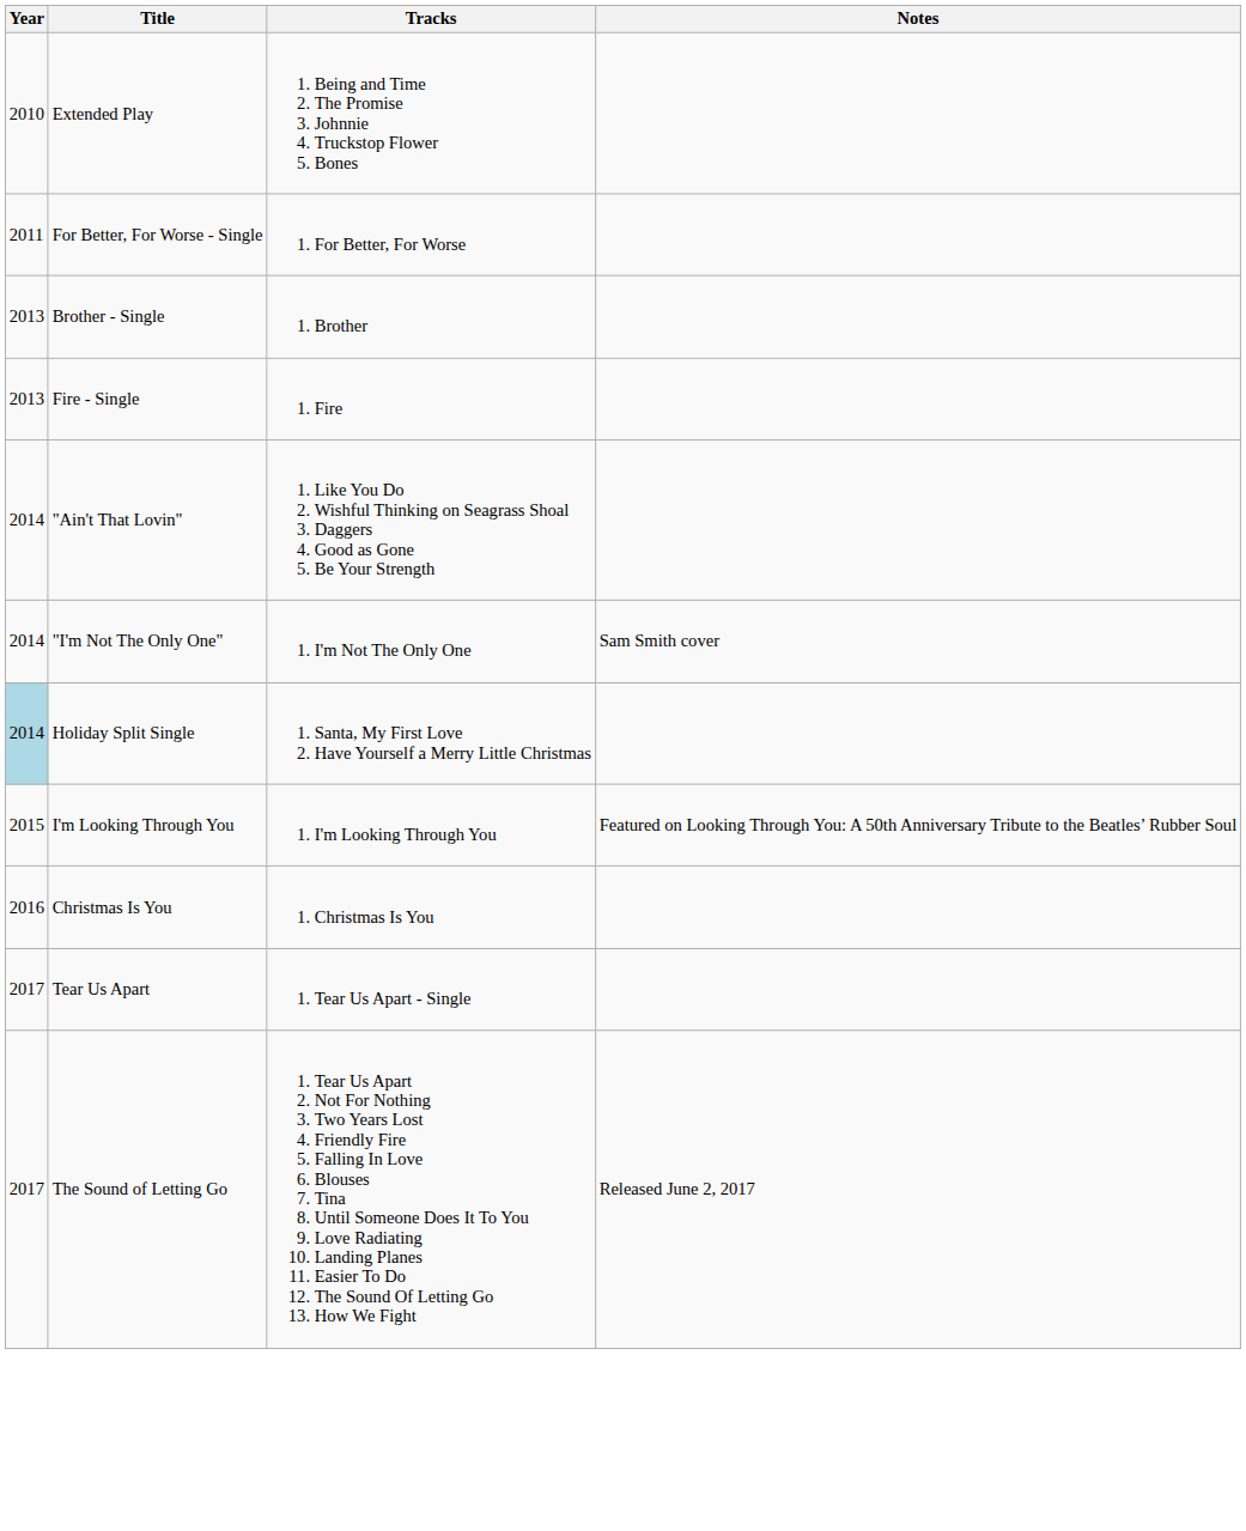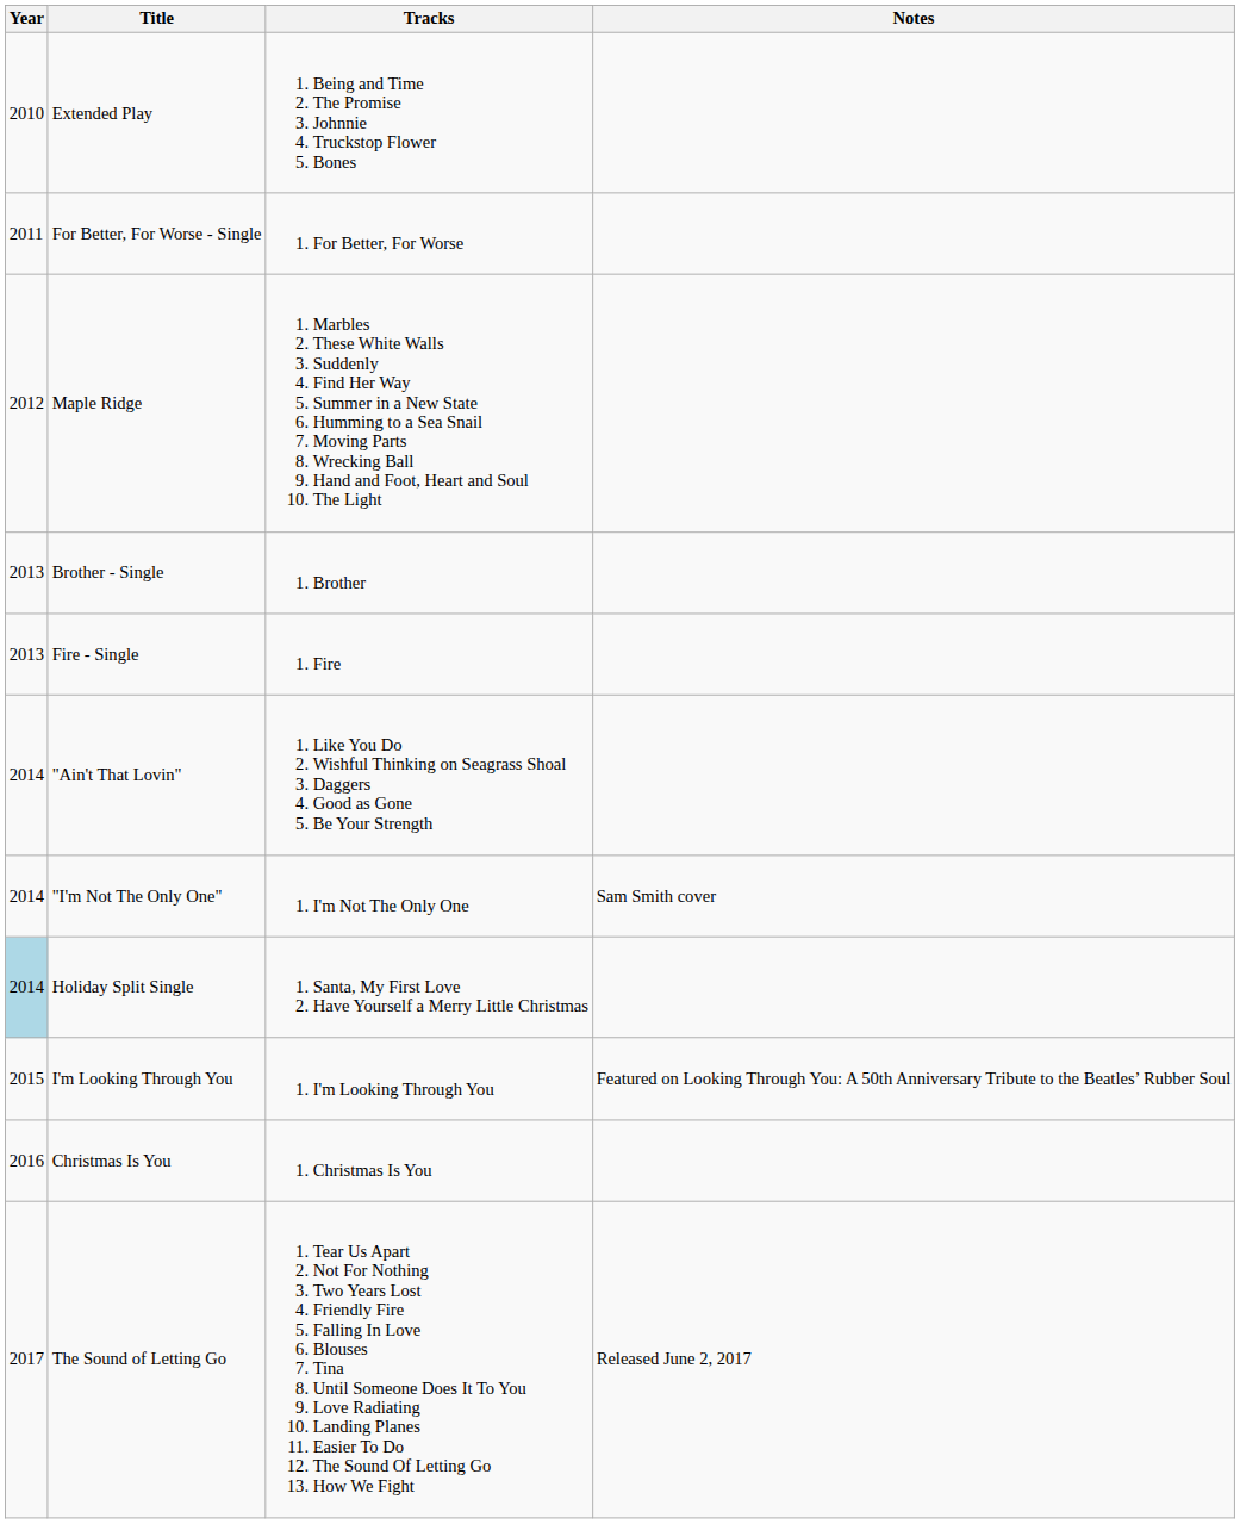 <table class="wikitable">
 <tr>
 <th>Year</th>
 <th>Title</th>
 <th>Tracks</th>
 <th>Notes</th>
 </tr>
 <tr>
 <td>2010</td>
 <td>Extended Play</td>
 <td><br><ol><li>Being and Time</li><li>The Promise</li><li>Johnnie</li><li>Truckstop Flower</li><li>Bones</li></ol></td>
 <td></td>
 </tr>
 <tr>
 <td>2011</td>
 <td>For Better, For Worse - Single</td>
 <td><br><ol><li>For Better, For Worse</li></ol></td>
+<td></td>
+</tr>
+<tr>
+<td>2012</td>
+<td>Maple Ridge</td>
+<td><br><ol><li>Marbles</li><li>These White Walls</li><li>Suddenly</li><li>Find Her Way</li><li>Summer in a New State</li><li>Humming to a Sea Snail</li><li>Moving Parts</li><li>Wrecking Ball</li><li>Hand and Foot, Heart and Soul</li><li>The Light</li></ol></td>
 <td></td>
 </tr>
 <tr>
 <td>2013</td>
 <td>Brother - Single</td>
 <td><br><ol><li>Brother</li></ol></td>
 <td></td>
 </tr>
 <tr>
 <td>2013</td>
 <td>Fire - Single</td>
 <td><br><ol><li>Fire</li></ol></td>
 <td></td>
 </tr>
 <tr>
 <td>2014</td>
 <td>"Ain't That Lovin"</td>
 <td><br><ol><li>Like You Do</li><li>Wishful Thinking on Seagrass Shoal</li><li>Daggers</li><li>Good as Gone</li><li>Be Your Strength</li></ol></td>
 <td></td>
 </tr>
 <tr>
 <td>2014</td>
 <td>"I'm Not The Only One"</td>
 <td><br><ol><li>I'm Not The Only One</li></ol></td>
 <td>Sam Smith cover</td>
 </tr>
 <tr>
 <td style="background: lightblue;">2014</td>
 <td>Holiday Split Single</td>
 <td><br><ol><li>Santa, My First Love</li><li>Have Yourself a Merry Little Christmas</li></ol></td>
 <td></td>
 </tr>
 <tr>
 <td>2015</td>
 <td>I'm Looking Through You</td>
 <td><br><ol><li>I'm Looking Through You</li></ol></td>
 <td>Featured on Looking Through You: A 50th Anniversary Tribute to the Beatles’ Rubber Soul</td>
 </tr>
 <tr>
 <td>2016</td>
 <td>Christmas Is You</td>
 <td><br><ol><li>Christmas Is You</li></ol></td>
 <td></td>
 </tr>
 <tr>
 <td>2017</td>
-<td>Tear Us Apart</td>
-<td><br><ol><li>Tear Us Apart - Single</li></ol></td>
-<td></td>
-</tr>
-<tr>
-<td>2017</td>
 <td>The Sound of Letting Go</td>
 <td><br><ol><li>Tear Us Apart</li><li>Not For Nothing</li><li>Two Years Lost</li><li>Friendly Fire</li><li>Falling In Love</li><li>Blouses</li><li>Tina</li><li>Until Someone Does It To You</li><li>Love Radiating</li><li>Landing Planes</li><li>Easier To Do</li><li>The Sound Of Letting Go</li><li>How We Fight</li></ol></td>
 <td>Released June 2, 2017</td>
 </tr>
 </table>
